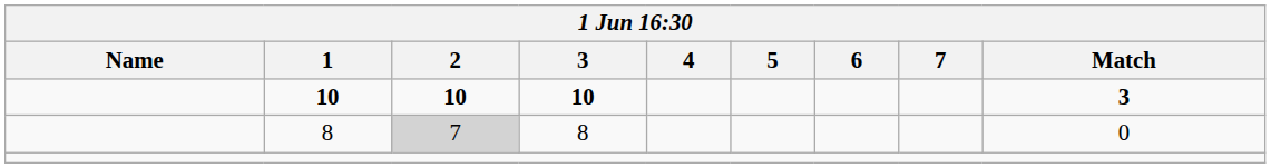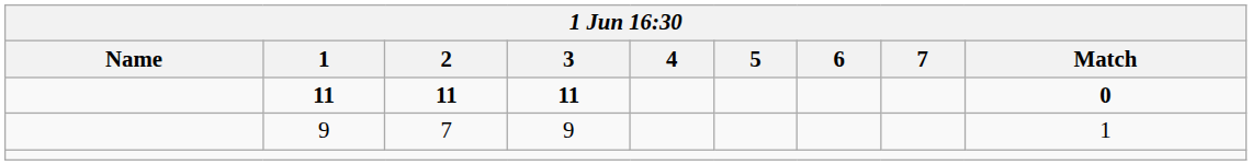 <table class=wikitable style="text-align:center; width: 55%">
 <tr>
 <th colspan=17><em> 1 Jun 16:30</em></th>
 </tr>
 <tr>
 <th>Name</th>
 <th>1</th>
 <th>2</th>
 <th>3</th>
 <th>4</th>
 <th>5</th>
 <th>6</th>
 <th>7</th>
 <th>Match</th>
 </tr>
 <tr>
 <td style="text-align:left;"><strong></strong></td>
-<td><strong>10</strong></td>
-<td><strong>10</strong></td>
-<td><strong>10</strong></td>
+<td><strong>11</strong></td>
+<td><strong>11</strong></td>
+<td><strong>11</strong></td>
 <td></td>
 <td></td>
 <td></td>
 <td></td>
-<td><strong>3</strong></td>
+<td><strong>0</strong></td>
 </tr>
 <tr>
 <td style="text-align:left;"></td>
-<td>8</td>
-<td style="background: lightgrey;">7</td>
-<td>8</td>
+<td>9</td>
+<td>7</td>
+<td>9</td>
 <td></td>
 <td></td>
 <td></td>
 <td></td>
-<td>0</td>
+<td>1</td>
 </tr>
 <tr>
 <td colspan=17></td>
 </tr>
 </table>
